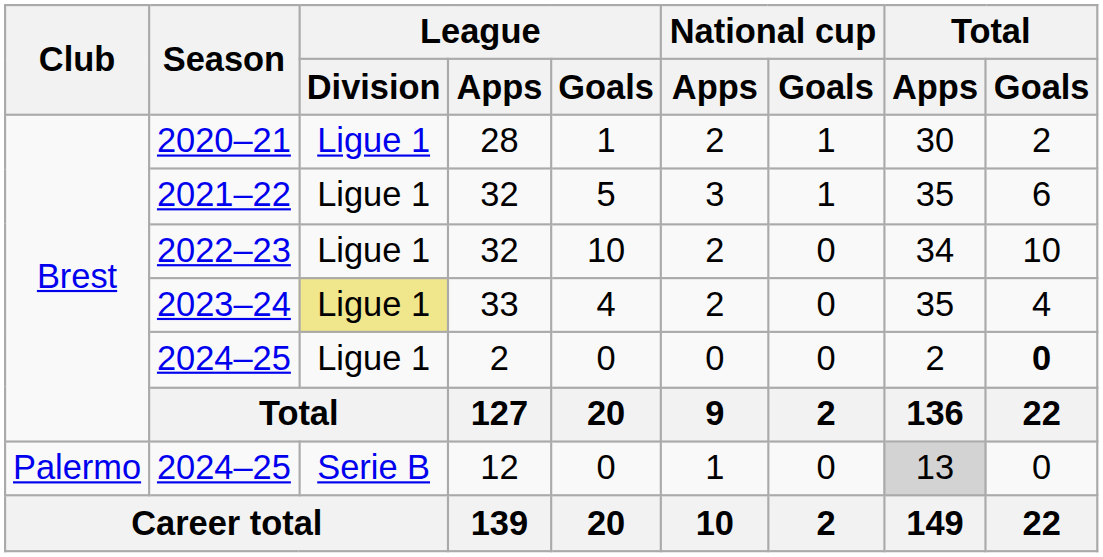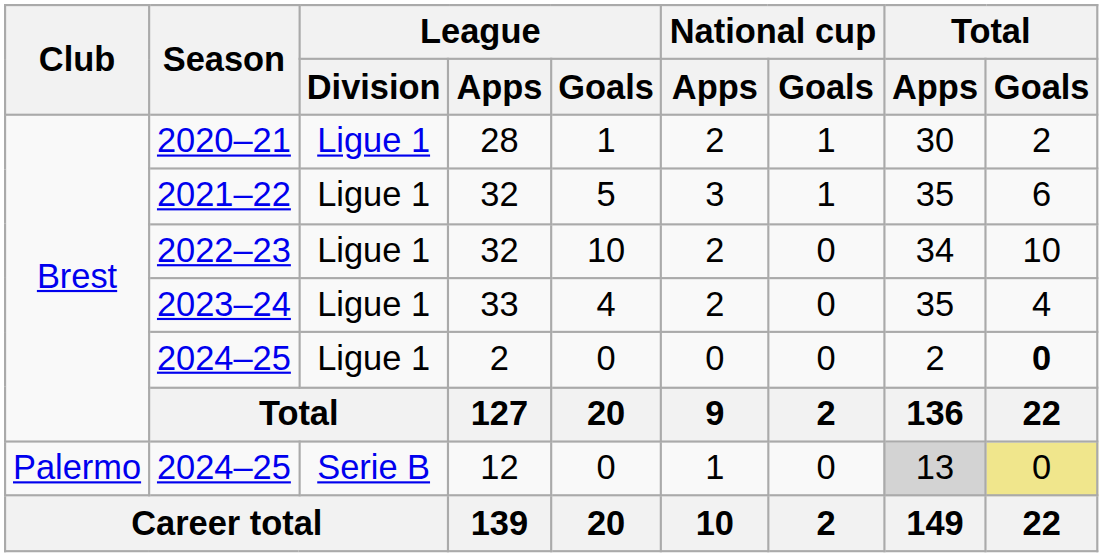 <table class="wikitable" style="text-align: center">
 <tr>
 <th rowspan="2">Club</th>
 <th rowspan="2">Season</th>
 <th colspan="3">League</th>
 <th colspan="2">National cup</th>
 <th colspan="2">Total</th>
 </tr>
 <tr>
 <th>Division</th>
 <th>Apps</th>
 <th>Goals</th>
 <th>Apps</th>
 <th>Goals</th>
 <th>Apps</th>
 <th>Goals</th>
 </tr>
 <tr>
 <td rowspan="6"><a href='#'>Brest</a></td>
 <td><a href='#'>2020–21</a></td>
 <td><a href='#'>Ligue 1</a></td>
 <td>28</td>
 <td>1</td>
 <td>2</td>
 <td>1</td>
 <td>30</td>
 <td>2</td>
 </tr>
 <tr>
 <td><a href='#'>2021–22</a></td>
 <td>Ligue 1</td>
 <td>32</td>
 <td>5</td>
 <td>3</td>
 <td>1</td>
 <td>35</td>
 <td>6</td>
 </tr>
 <tr>
 <td><a href='#'>2022–23</a></td>
 <td>Ligue 1</td>
 <td>32</td>
 <td>10</td>
 <td>2</td>
 <td>0</td>
 <td>34</td>
 <td>10</td>
 </tr>
 <tr>
 <td><a href='#'>2023–24</a></td>
-<td style="background: khaki;">Ligue 1</td>
+<td>Ligue 1</td>
 <td>33</td>
 <td>4</td>
 <td>2</td>
 <td>0</td>
 <td>35</td>
 <td>4</td>
 </tr>
 <tr>
 <td><a href='#'>2024–25</a></td>
 <td>Ligue 1</td>
 <td>2</td>
 <td>0</td>
 <td>0</td>
 <td>0</td>
 <td>2</td>
 <td><strong>0</strong></td>
 </tr>
 <tr>
 <th colspan="2">Total</th>
 <th>127</th>
 <th>20</th>
 <th>9</th>
 <th>2</th>
 <th>136</th>
 <th>22</th>
 </tr>
 <tr>
 <td><a href='#'>Palermo</a></td>
 <td><a href='#'>2024–25</a></td>
 <td><a href='#'>Serie B</a></td>
 <td>12</td>
 <td>0</td>
 <td>1</td>
 <td>0</td>
 <td style="background: lightgrey;">13</td>
-<td>0</td>
+<td style="background: khaki;">0</td>
 </tr>
 <tr>
 <th colspan="3">Career total</th>
 <th>139</th>
 <th>20</th>
 <th>10</th>
 <th>2</th>
 <th>149</th>
 <th>22</th>
 </tr>
 </table>
